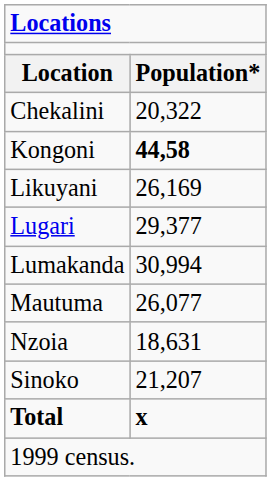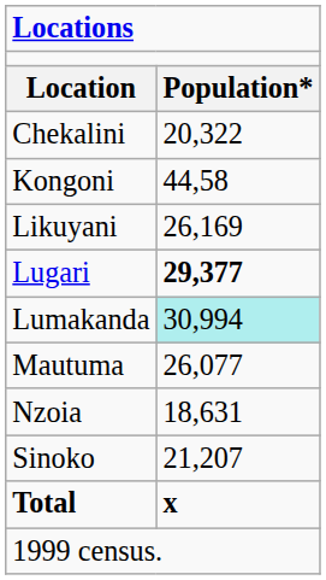 <table class="wikitable">
 <tr>
 <td colspan="2"><strong><a href='#'>Locations</a></strong></td>
 </tr>
 <tr>
 <td colspan="2"></td>
 </tr>
 <tr>
 <th>Location</th>
 <th>Population*</th>
 </tr>
 <tr>
 <td>Chekalini</td>
 <td>20,322</td>
 </tr>
 <tr>
 <td>Kongoni</td>
-<td><strong>44,58</strong></td>
+<td>44,58</td>
 </tr>
 <tr>
 <td>Likuyani</td>
 <td>26,169</td>
 </tr>
 <tr>
 <td><a href='#'>Lugari</a></td>
-<td>29,377</td>
+<td><strong>29,377</strong></td>
 </tr>
 <tr>
 <td>Lumakanda</td>
-<td>30,994</td>
+<td style="background: paleturquoise;">30,994</td>
 </tr>
 <tr>
 <td>Mautuma</td>
 <td>26,077</td>
 </tr>
 <tr>
 <td>Nzoia</td>
 <td>18,631</td>
 </tr>
 <tr>
 <td>Sinoko</td>
 <td>21,207</td>
 </tr>
 <tr>
 <td><strong>Total</strong></td>
 <td><strong>x</strong></td>
 </tr>
 <tr>
 <td colspan="2">1999 census.</td>
 </tr>
 </table>
